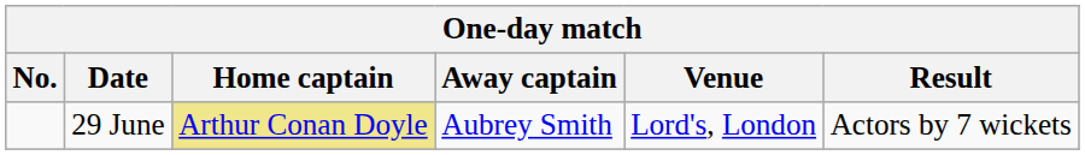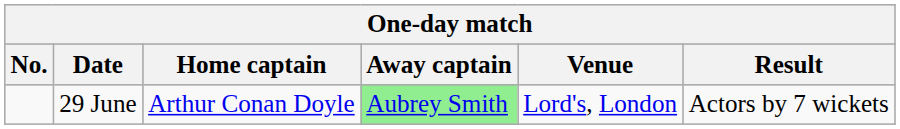 <table class="wikitable">
 <tr>
 <th colspan="9">One-day match</th>
 </tr>
 <tr>
 <th>No.</th>
 <th>Date</th>
 <th>Home captain</th>
 <th>Away captain</th>
 <th>Venue</th>
 <th>Result</th>
 </tr>
 <tr>
 <td></td>
 <td>29 June</td>
-<td style="background: khaki;"><a href='#'>Arthur Conan Doyle</a></td>
-<td><a href='#'>Aubrey Smith</a></td>
+<td><a href='#'>Arthur Conan Doyle</a></td>
+<td style="background: lightgreen;"><a href='#'>Aubrey Smith</a></td>
 <td><a href='#'>Lord's</a>, <a href='#'>London</a></td>
 <td>Actors by 7 wickets</td>
 </tr>
 </table>
